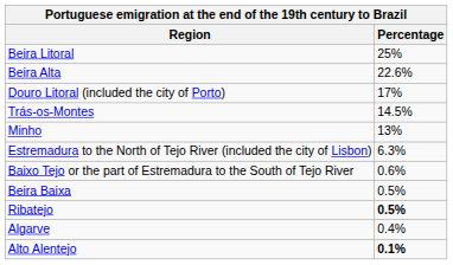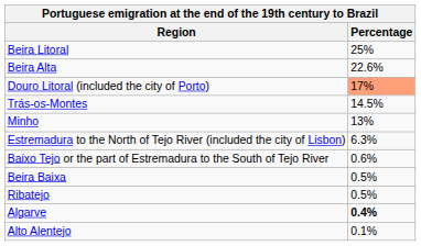 <table class="wikitable">
 <tr>
 <th colspan=4>Portuguese emigration at the end of the 19th century to Brazil</th>
 </tr>
 <tr>
 <th>Region</th>
 <th>Percentage</th>
 </tr>
 <tr>
 <td><a href='#'>Beira Litoral</a></td>
 <td>25%</td>
 </tr>
 <tr>
 <td><a href='#'>Beira Alta</a></td>
 <td>22.6%</td>
 </tr>
 <tr>
 <td><a href='#'>Douro Litoral</a> (included the city of <a href='#'>Porto</a>)</td>
-<td>17%</td>
+<td style="background: lightsalmon;">17%</td>
 </tr>
 <tr>
 <td><a href='#'>Trás-os-Montes</a></td>
 <td>14.5%</td>
 </tr>
 <tr>
 <td><a href='#'>Minho</a></td>
 <td>13%</td>
 </tr>
 <tr>
 <td><a href='#'>Estremadura</a> to the North of Tejo River (included the city of <a href='#'>Lisbon</a>)</td>
 <td>6.3%</td>
 </tr>
 <tr>
 <td><a href='#'>Baixo Tejo</a> or the part of Estremadura to the South of Tejo River</td>
 <td>0.6%</td>
 </tr>
 <tr>
 <td><a href='#'>Beira Baixa</a></td>
 <td>0.5%</td>
 </tr>
 <tr>
 <td><a href='#'>Ribatejo</a></td>
-<td><strong>0.5%</strong></td>
+<td>0.5%</td>
 </tr>
 <tr>
 <td><a href='#'>Algarve</a></td>
-<td>0.4%</td>
+<td><strong>0.4%</strong></td>
 </tr>
 <tr>
 <td><a href='#'>Alto Alentejo</a></td>
-<td><strong>0.1%</strong></td>
+<td>0.1%</td>
 </tr>
 </table>
